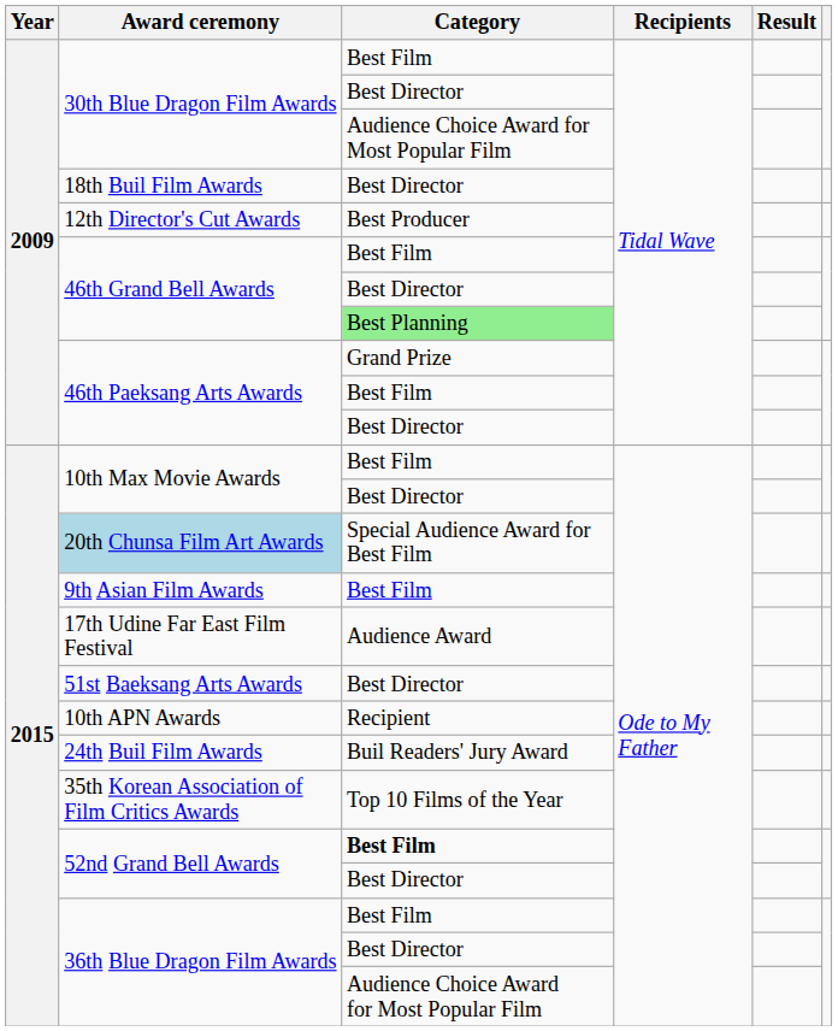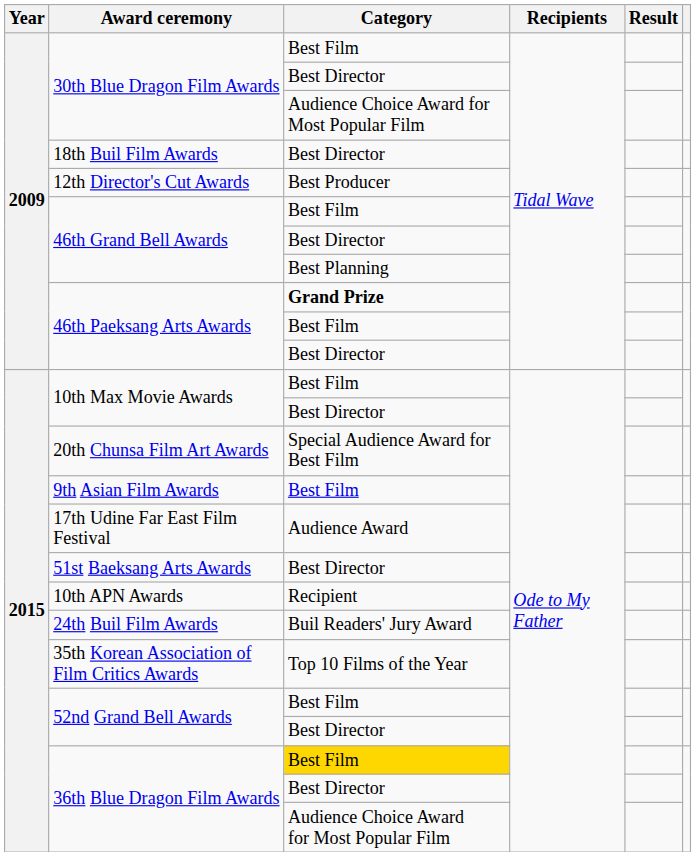 <table class="wikitable sortable plainrowheaders">
 <tr>
 <th>Year</th>
 <th>Award ceremony</th>
 <th>Category</th>
 <th>Recipients</th>
 <th>Result</th>
 <th class="unsortable"></th>
 </tr>
 <tr>
 <th scope="row" rowspan="11">2009</th>
 <td rowspan="3"><a href='#'>30th Blue Dragon Film Awards</a></td>
 <td>Best Film</td>
 <td rowspan="11"><em><a href='#'>Tidal Wave</a></em></td>
 <td></td>
 <td rowspan="3"></td>
 </tr>
 <tr>
 <td>Best Director</td>
 <td></td>
 </tr>
 <tr>
 <td>Audience Choice Award for Most Popular Film</td>
 <td></td>
 </tr>
 <tr>
 <td>18th <a href='#'>Buil Film Awards</a></td>
 <td>Best Director</td>
 <td></td>
 <td></td>
 </tr>
 <tr>
 <td>12th <a href='#'>Director's Cut Awards</a></td>
 <td>Best Producer</td>
 <td></td>
 <td></td>
 </tr>
 <tr>
 <td rowspan="3"><a href='#'>46th Grand Bell Awards</a></td>
 <td>Best Film</td>
 <td></td>
 <td rowspan="3"></td>
 </tr>
 <tr>
 <td>Best Director</td>
 <td></td>
 </tr>
 <tr>
-<td style="background: lightgreen;">Best Planning</td>
+<td>Best Planning</td>
 <td></td>
 </tr>
 <tr>
 <td rowspan="3"><a href='#'>46th Paeksang Arts Awards</a></td>
-<td>Grand Prize</td>
+<td><strong>Grand Prize</strong></td>
 <td></td>
 <td rowspan="3"></td>
 </tr>
 <tr>
 <td>Best Film</td>
 <td></td>
 </tr>
 <tr>
 <td>Best Director</td>
 <td></td>
 </tr>
 <tr>
 <th scope="row" rowspan="14">2015</th>
 <td rowspan="2">10th Max Movie Awards</td>
 <td>Best Film</td>
 <td rowspan="14"><em><a href='#'>Ode to My Father</a></em></td>
 <td></td>
 <td rowspan="2"></td>
 </tr>
 <tr>
 <td>Best Director</td>
 <td></td>
 </tr>
 <tr>
-<td style="background: lightblue;">20th <a href='#'>Chunsa Film Art Awards</a></td>
+<td>20th <a href='#'>Chunsa Film Art Awards</a></td>
 <td>Special Audience Award for Best Film</td>
 <td></td>
 <td></td>
 </tr>
 <tr>
 <td><a href='#'>9th</a> <a href='#'>Asian Film Awards</a></td>
 <td><a href='#'>Best Film</a></td>
 <td></td>
 <td></td>
 </tr>
 <tr>
 <td>17th Udine Far East Film Festival</td>
 <td>Audience Award</td>
 <td></td>
 <td></td>
 </tr>
 <tr>
 <td><a href='#'>51st</a> <a href='#'>Baeksang Arts Awards</a></td>
 <td>Best Director</td>
 <td></td>
 <td></td>
 </tr>
 <tr>
 <td>10th APN Awards</td>
 <td>Recipient</td>
 <td></td>
 <td></td>
 </tr>
 <tr>
 <td><a href='#'>24th</a> <a href='#'>Buil Film Awards</a></td>
 <td>Buil Readers' Jury Award</td>
 <td></td>
 <td></td>
 </tr>
 <tr>
 <td>35th <a href='#'>Korean Association of Film Critics Awards</a></td>
 <td>Top 10 Films of the Year</td>
 <td></td>
 <td></td>
 </tr>
 <tr>
 <td rowspan="2"><a href='#'>52nd</a> <a href='#'>Grand Bell Awards</a></td>
-<td><strong>Best Film</strong></td>
+<td>Best Film</td>
 <td></td>
 <td rowspan="2"></td>
 </tr>
 <tr>
 <td>Best Director</td>
 <td></td>
 </tr>
 <tr>
 <td rowspan="3"><a href='#'>36th</a> <a href='#'>Blue Dragon Film Awards</a></td>
-<td>Best Film</td>
+<td style="background: gold;">Best Film</td>
 <td></td>
 <td rowspan="3"></td>
 </tr>
 <tr>
 <td>Best Director</td>
 <td></td>
 </tr>
 <tr>
 <td>Audience Choice Award <br> for Most Popular Film</td>
 <td></td>
 </tr>
 </table>
